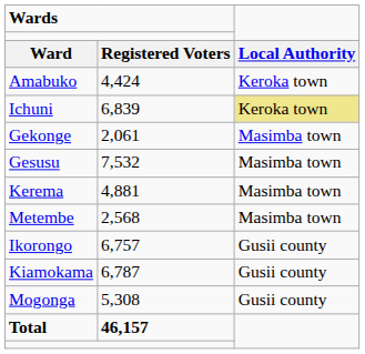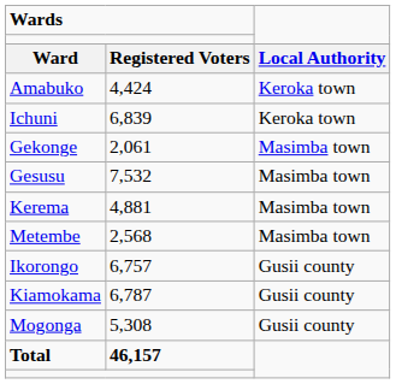 <table class="wikitable">
 <tr>
 <td colspan="2"><strong>Wards</strong></td>
 </tr>
 <tr>
 <td colspan="2"></td>
 </tr>
 <tr>
 <th>Ward</th>
 <th>Registered Voters</th>
 <th><a href='#'>Local Authority</a></th>
 </tr>
 <tr>
 <td><a href='#'>Amabuko</a></td>
 <td>4,424</td>
 <td><a href='#'>Keroka</a> town</td>
 </tr>
 <tr>
 <td><a href='#'>Ichuni</a></td>
 <td>6,839</td>
-<td style="background: khaki;">Keroka town</td>
+<td>Keroka town</td>
 </tr>
 <tr>
 <td><a href='#'>Gekonge</a></td>
 <td>2,061</td>
 <td><a href='#'>Masimba</a> town</td>
 </tr>
 <tr>
 <td><a href='#'>Gesusu</a></td>
 <td>7,532</td>
 <td>Masimba town</td>
 </tr>
 <tr>
 <td><a href='#'>Kerema</a></td>
 <td>4,881</td>
 <td>Masimba town</td>
 </tr>
 <tr>
 <td><a href='#'>Metembe</a></td>
 <td>2,568</td>
 <td>Masimba town</td>
 </tr>
 <tr>
 <td><a href='#'>Ikorongo</a></td>
 <td>6,757</td>
 <td>Gusii county</td>
 </tr>
 <tr>
 <td><a href='#'>Kiamokama</a></td>
 <td>6,787</td>
 <td>Gusii county</td>
 </tr>
 <tr>
 <td><a href='#'>Mogonga</a></td>
 <td>5,308</td>
 <td>Gusii county</td>
 </tr>
 <tr>
 <td><strong>Total</strong></td>
 <td><strong>46,157</strong></td>
 </tr>
 <tr>
 <td colspan="2"></td>
 </tr>
 </table>
